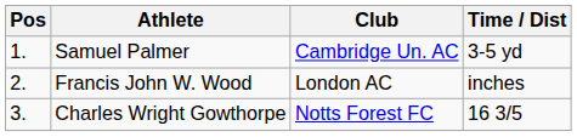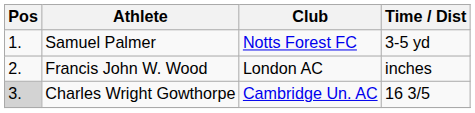 <table class="wikitable">
 <tr>
 <th>Pos</th>
 <th>Athlete</th>
 <th>Club</th>
 <th>Time / Dist</th>
 </tr>
 <tr>
 <td>1.</td>
 <td>Samuel Palmer</td>
-<td><a href='#'>Cambridge Un. AC</a></td>
+<td><a href='#'>Notts Forest FC</a></td>
 <td>3-5 yd</td>
 </tr>
 <tr>
 <td>2.</td>
 <td>Francis John W. Wood</td>
 <td>London AC</td>
 <td>inches</td>
 </tr>
 <tr>
-<td>3.</td>
+<td style="background: lightgrey;">3.</td>
 <td>Charles Wright Gowthorpe</td>
-<td><a href='#'>Notts Forest FC</a></td>
+<td><a href='#'>Cambridge Un. AC</a></td>
 <td>16 3/5</td>
 </tr>
 <tr>
 </tr>
 </table>
